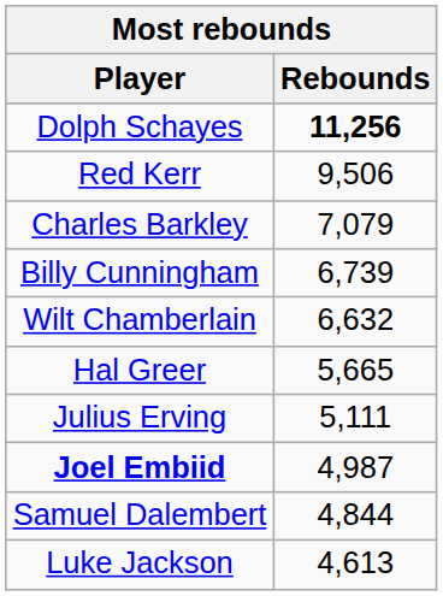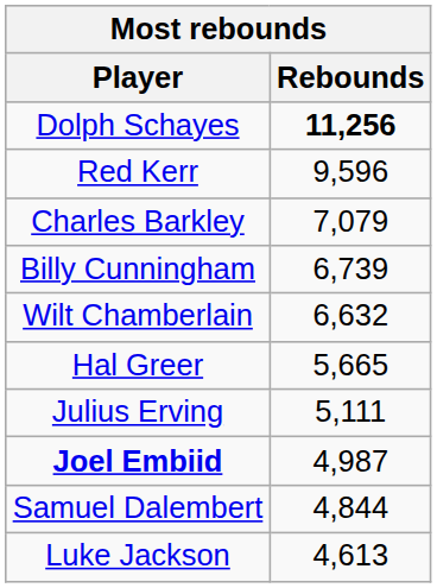 <table class="wikitable sortable" style="text-align:center">
 <tr>
 <th colspan="5" style="text-align:center; ">Most rebounds</th>
 </tr>
 <tr>
 <th style="text-align:center; ">Player</th>
 <th style="text-align:center; ">Rebounds</th>
 </tr>
 <tr>
 <td><a href='#'>Dolph Schayes</a></td>
 <td><strong>11,256</strong></td>
 </tr>
 <tr>
 <td><a href='#'>Red Kerr</a></td>
-<td>9,506</td>
+<td>9,596</td>
 </tr>
 <tr>
 <td><a href='#'>Charles Barkley</a></td>
 <td>7,079</td>
 </tr>
 <tr>
 <td><a href='#'>Billy Cunningham</a></td>
 <td>6,739</td>
 </tr>
 <tr>
 <td><a href='#'>Wilt Chamberlain</a></td>
 <td>6,632</td>
 </tr>
 <tr>
 <td><a href='#'>Hal Greer</a></td>
 <td>5,665</td>
 </tr>
 <tr>
 <td><a href='#'>Julius Erving</a></td>
 <td>5,111</td>
 </tr>
 <tr>
 <td><strong><a href='#'>Joel Embiid</a></strong></td>
 <td>4,987</td>
 </tr>
 <tr>
 <td><a href='#'>Samuel Dalembert</a></td>
 <td>4,844</td>
 </tr>
 <tr>
 <td><a href='#'>Luke Jackson</a></td>
 <td>4,613</td>
 </tr>
 </table>
